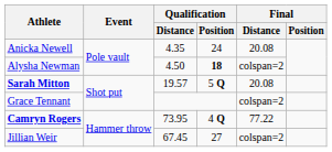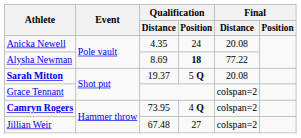 <table class=wikitable style=font-size:90%>
 <tr>
 <th rowspan=2>Athlete</th>
 <th rowspan=2>Event</th>
 <th colspan=2>Qualification</th>
 <th colspan=2>Final</th>
 </tr>
 <tr style=font-size:95%>
 <th>Distance</th>
 <th>Position</th>
 <th>Distance</th>
 <th>Position</th>
 </tr>
 <tr align=center>
 <td align=left><a href='#'>Anicka Newell</a></td>
 <td align=left rowspan=2><a href='#'>Pole vault</a></td>
 <td>4.35</td>
 <td>24</td>
 <td>20.08 </td>
 </tr>
 <tr align=center>
 <td align=left><a href='#'>Alysha Newman</a></td>
-<td>4.50</td>
+<td>8.69</td>
 <td><strong>18</strong></td>
-<td>colspan=2 </td>
+<td>77.22</td>
 </tr>
 <tr align=center>
 <td align=left><strong><a href='#'>Sarah Mitton</a></strong></td>
 <td align=left rowspan=2><a href='#'>Shot put</a></td>
-<td>19.57</td>
+<td>19.37</td>
 <td>5 <strong>Q</strong></td>
 <td>20.08 </td>
 <td></td>
 </tr>
 <tr align=center>
 <td align=left><a href='#'>Grace Tennant</a></td>
 <td colspan=2></td>
 <td>colspan=2 </td>
 </tr>
 <tr align=center>
 <td align=left><strong><a href='#'>Camryn Rogers</a></strong></td>
 <td align=left rowspan=2><a href='#'>Hammer throw</a></td>
 <td>73.95</td>
 <td>4 <strong>Q</strong></td>
-<td>77.22</td>
+<td>colspan=2 </td>
 <td></td>
 </tr>
 <tr align=center>
 <td align=left><a href='#'>Jillian Weir</a></td>
-<td>67.45</td>
+<td>67.48</td>
 <td>27</td>
 <td>colspan=2 </td>
 </tr>
 </table>
